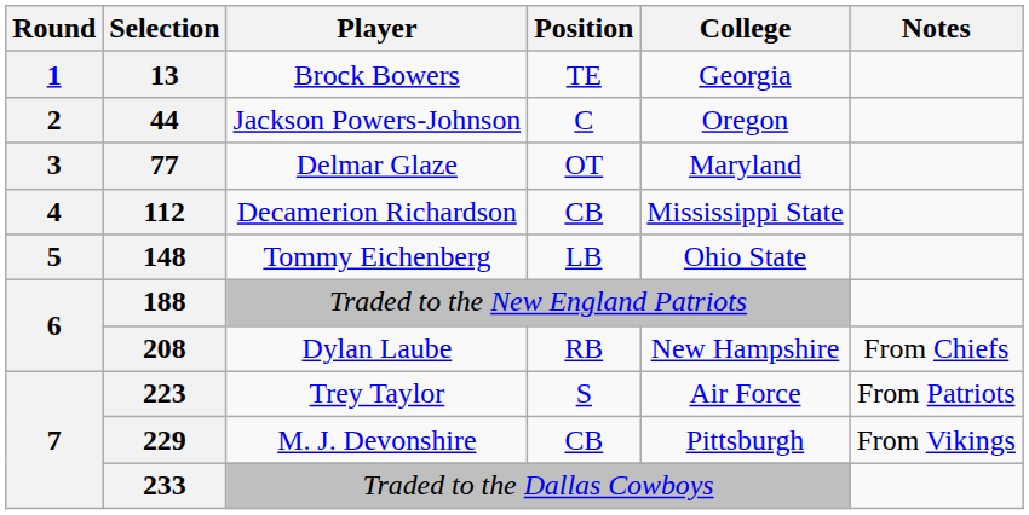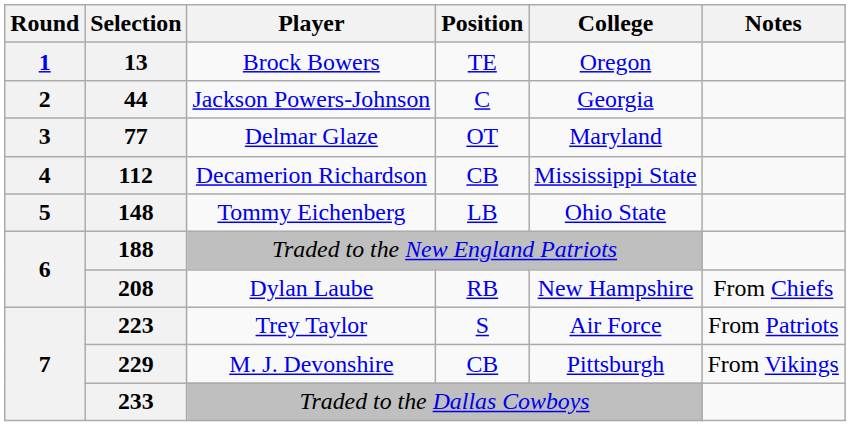 <table class="wikitable" style="text-align:center">
 <tr>
 <th>Round</th>
 <th>Selection</th>
 <th>Player</th>
 <th>Position</th>
 <th>College</th>
 <th>Notes</th>
 </tr>
 <tr>
 <th><a href='#'>1</a></th>
 <th>13</th>
 <td><a href='#'>Brock Bowers</a></td>
 <td><a href='#'>TE</a></td>
-<td><a href='#'>Georgia</a></td>
+<td><a href='#'>Oregon</a></td>
 <td></td>
 </tr>
 <tr>
 <th>2</th>
 <th>44</th>
 <td><a href='#'>Jackson Powers-Johnson</a></td>
 <td><a href='#'>C</a></td>
-<td><a href='#'>Oregon</a></td>
+<td><a href='#'>Georgia</a></td>
 <td></td>
 </tr>
 <tr>
 <th>3</th>
 <th>77</th>
 <td><a href='#'>Delmar Glaze</a></td>
 <td><a href='#'>OT</a></td>
 <td><a href='#'>Maryland</a></td>
 <td></td>
 </tr>
 <tr>
 <th>4</th>
 <th>112</th>
 <td><a href='#'>Decamerion Richardson</a></td>
 <td><a href='#'>CB</a></td>
 <td><a href='#'>Mississippi State</a></td>
 <td></td>
 </tr>
 <tr>
 <th>5</th>
 <th>148</th>
 <td><a href='#'>Tommy Eichenberg</a></td>
 <td><a href='#'>LB</a></td>
 <td><a href='#'>Ohio State</a></td>
 <td></td>
 </tr>
 <tr>
 <th rowspan="2">6</th>
 <th>188</th>
 <td colspan="3" style="background:#BFBFBF"><em>Traded to the <a href='#'>New England Patriots</a></em></td>
 <td></td>
 </tr>
 <tr>
 <th>208</th>
 <td><a href='#'>Dylan Laube</a></td>
 <td><a href='#'>RB</a></td>
 <td><a href='#'>New Hampshire</a></td>
 <td>From <a href='#'>Chiefs</a></td>
 </tr>
 <tr>
 <th rowspan="3">7</th>
 <th>223</th>
 <td><a href='#'>Trey Taylor</a></td>
 <td><a href='#'>S</a></td>
 <td><a href='#'>Air Force</a></td>
 <td>From <a href='#'>Patriots</a></td>
 </tr>
 <tr>
 <th>229</th>
 <td><a href='#'>M. J. Devonshire</a></td>
 <td><a href='#'>CB</a></td>
 <td><a href='#'>Pittsburgh</a></td>
 <td>From <a href='#'>Vikings</a></td>
 </tr>
 <tr>
 <th>233</th>
 <td colspan="3" style="background:#BFBFBF"><em>Traded to the <a href='#'>Dallas Cowboys</a></em></td>
 <td></td>
 </tr>
 </table>
